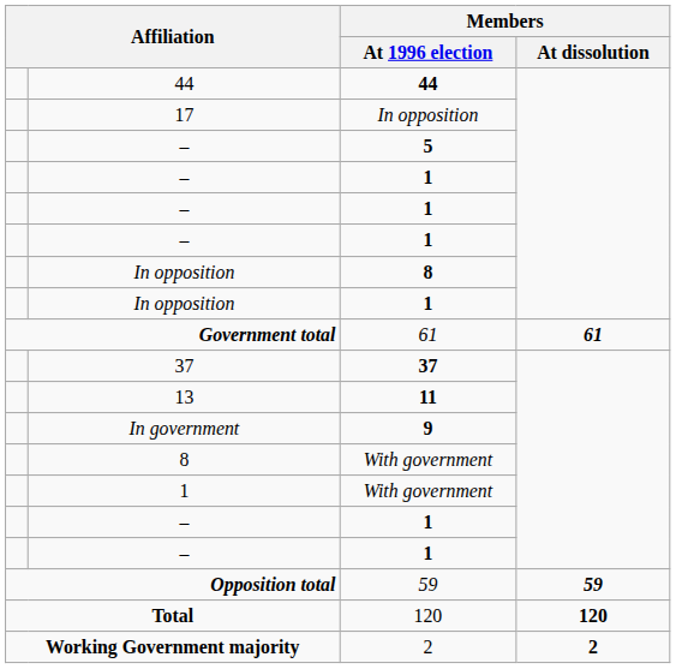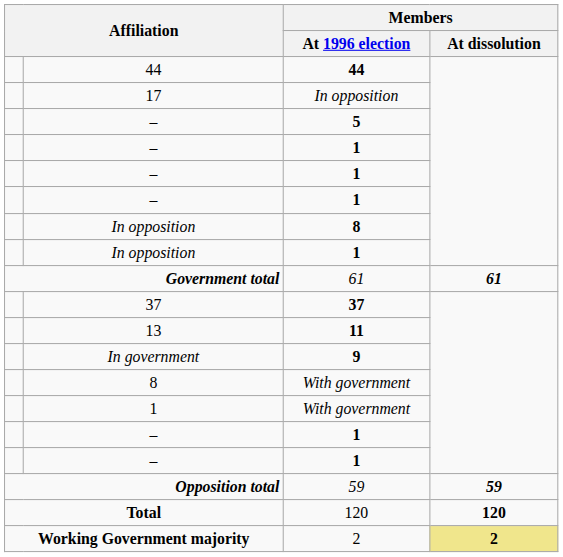 <table class="wikitable" border="1" style="font-size:95%; width:400pt; text-align:center">
 <tr>
 <th colspan="2" rowspan="2" style="text-align:center;vertical-align:middle; ">Affiliation</th>
 <th colspan="2" style="vertical-align:top;">Members</th>
 </tr>
 <tr>
 <th>At <a href='#'>1996 election</a></th>
 <th>At dissolution</th>
 </tr>
 <tr>
 <td></td>
 <td>44</td>
 <td><strong>44</strong></td>
 </tr>
 <tr>
 <td> </td>
 <td>17</td>
 <td><em>In opposition</em></td>
 </tr>
 <tr>
 <td> </td>
 <td>–</td>
 <td><strong>5</strong></td>
 </tr>
 <tr>
 <td> </td>
 <td>–</td>
 <td><strong>1</strong></td>
 </tr>
 <tr>
 <td> </td>
 <td>–</td>
 <td><strong>1</strong></td>
 </tr>
 <tr>
 <td> </td>
 <td>–</td>
 <td><strong>1</strong></td>
 </tr>
 <tr>
 <td> </td>
 <td><em>In opposition</em></td>
 <td><strong>8</strong></td>
 </tr>
 <tr>
 <td> </td>
 <td><em>In opposition</em></td>
 <td><strong>1</strong></td>
 </tr>
 <tr>
 <td colspan="2" rowspan="1" style="text-align:right; "><strong><em>Government total</em></strong></td>
 <td><em>61</em></td>
 <td><strong><em>61</em></strong></td>
 </tr>
 <tr>
 <td></td>
 <td>37</td>
 <td><strong>37</strong></td>
 </tr>
 <tr>
 <td> </td>
 <td>13</td>
 <td><strong>11</strong></td>
 </tr>
 <tr>
 <td></td>
 <td><em>In government</em></td>
 <td><strong>9</strong></td>
 </tr>
 <tr>
 <td></td>
 <td>8</td>
 <td><em>With government</em></td>
 </tr>
 <tr>
 <td></td>
 <td>1</td>
 <td><em>With government</em></td>
 </tr>
 <tr>
 <td></td>
 <td>–</td>
 <td><strong>1</strong></td>
 </tr>
 <tr>
 <td></td>
 <td>–</td>
 <td><strong>1</strong></td>
 </tr>
 <tr>
 <td colspan="2" rowspan="1" style="text-align:right; "><strong><em>Opposition total</em></strong></td>
 <td><em>59</em></td>
 <td><strong><em>59</em></strong></td>
 </tr>
 <tr>
 <td colspan="2" rowspan="1"><strong>Total</strong><br></td>
 <td>120</td>
 <td><strong>120</strong></td>
 </tr>
 <tr>
 <td colspan="2" rowspan="1"><strong>Working Government majority</strong></td>
 <td>2</td>
-<td><strong>2</strong></td>
+<td style="background: khaki;"><strong>2</strong></td>
 </tr>
 </table>
